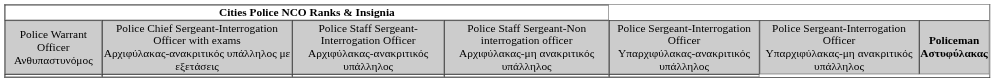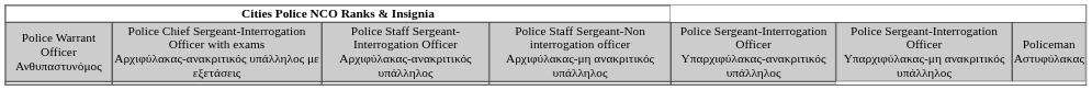 <table border="1" cellpadding="1" cellspacing="0" width="70%">
 <tr>
 <th colspan=4><strong>Cities Police NCO Ranks & Insignia</strong></th>
 </tr>
 <tr align="center" - bgcolor="#CCCCCC">
 <td>Police Warrant Officer<br>Ανθυπαστυνόμος</td>
 <td>Police Chief Sergeant-Interrogation Officer with exams<br>Αρχιφύλακας-ανακριτικός υπάλληλος με εξετάσεις</td>
 <td>Police Staff Sergeant-Interrogation Officer<br>Αρχιφύλακας-ανακριτικός υπάλληλος</td>
 <td>Police Staff Sergeant-Non interrogation officer<br>Αρχιφύλακας-μη ανακριτικός υπάλληλος</td>
 <td>Police Sergeant-Interrogation Officer<br>Υπαρχιφύλακας-ανακριτικός υπάλληλος</td>
 <td>Police Sergeant-Interrogation Officer<br>Υπαρχιφύλακας-μη ανακριτικός υπάλληλος</td>
-<td><strong>Policeman<br>Αστυφύλακας</strong></td>
+<td>Policeman<br>Αστυφύλακας</td>
 </tr>
 <tr>
 <td></td>
 <td></td>
 <td></td>
 <td></td>
 <td></td>
 </tr>
 </table>
